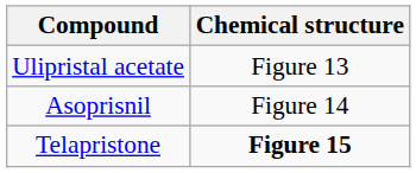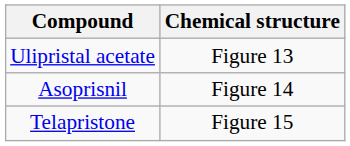 <table class="wikitable" style="float: right; margin-left:15px; text-align:center">
 <tr>
 <th>Compound</th>
 <th>Chemical structure</th>
 </tr>
 <tr>
 <td><a href='#'>Ulipristal acetate</a></td>
 <td> Figure 13</td>
 </tr>
 <tr>
 <td><a href='#'>Asoprisnil</a></td>
 <td> Figure 14</td>
 </tr>
 <tr>
 <td><a href='#'>Telapristone</a></td>
-<td><strong> Figure 15</strong></td>
+<td> Figure 15</td>
 </tr>
 </table>
